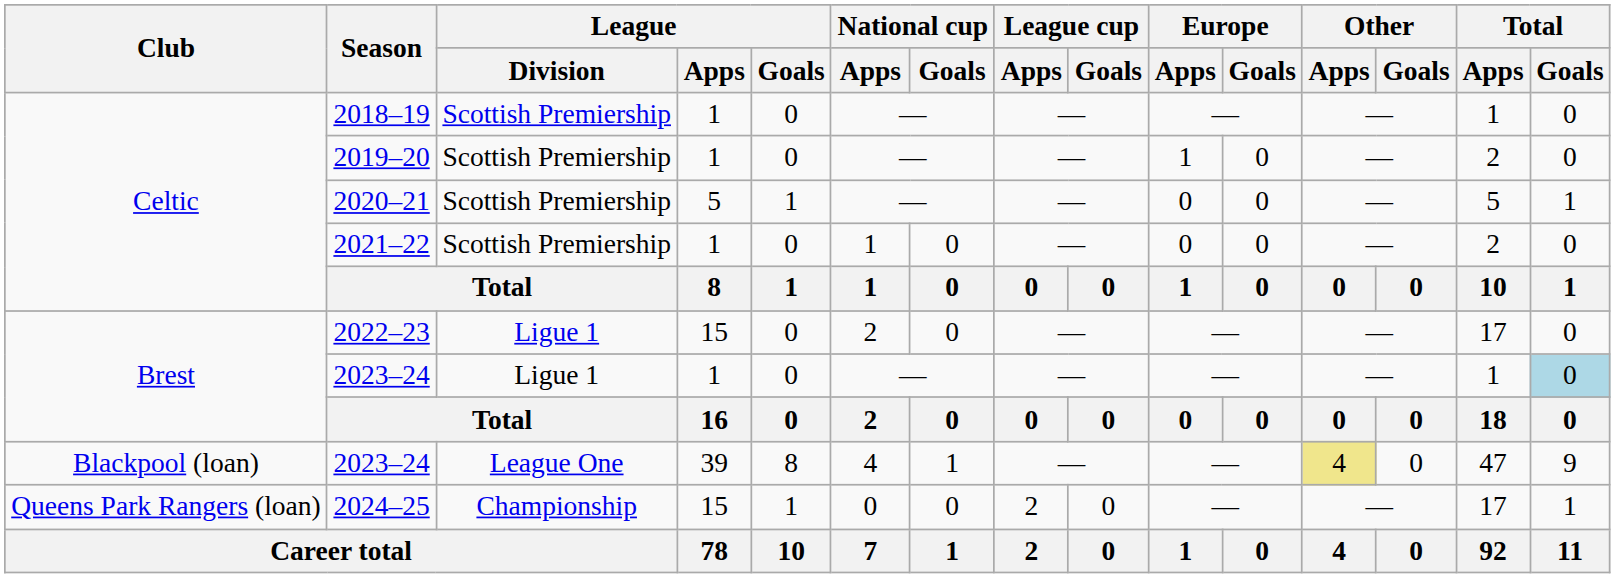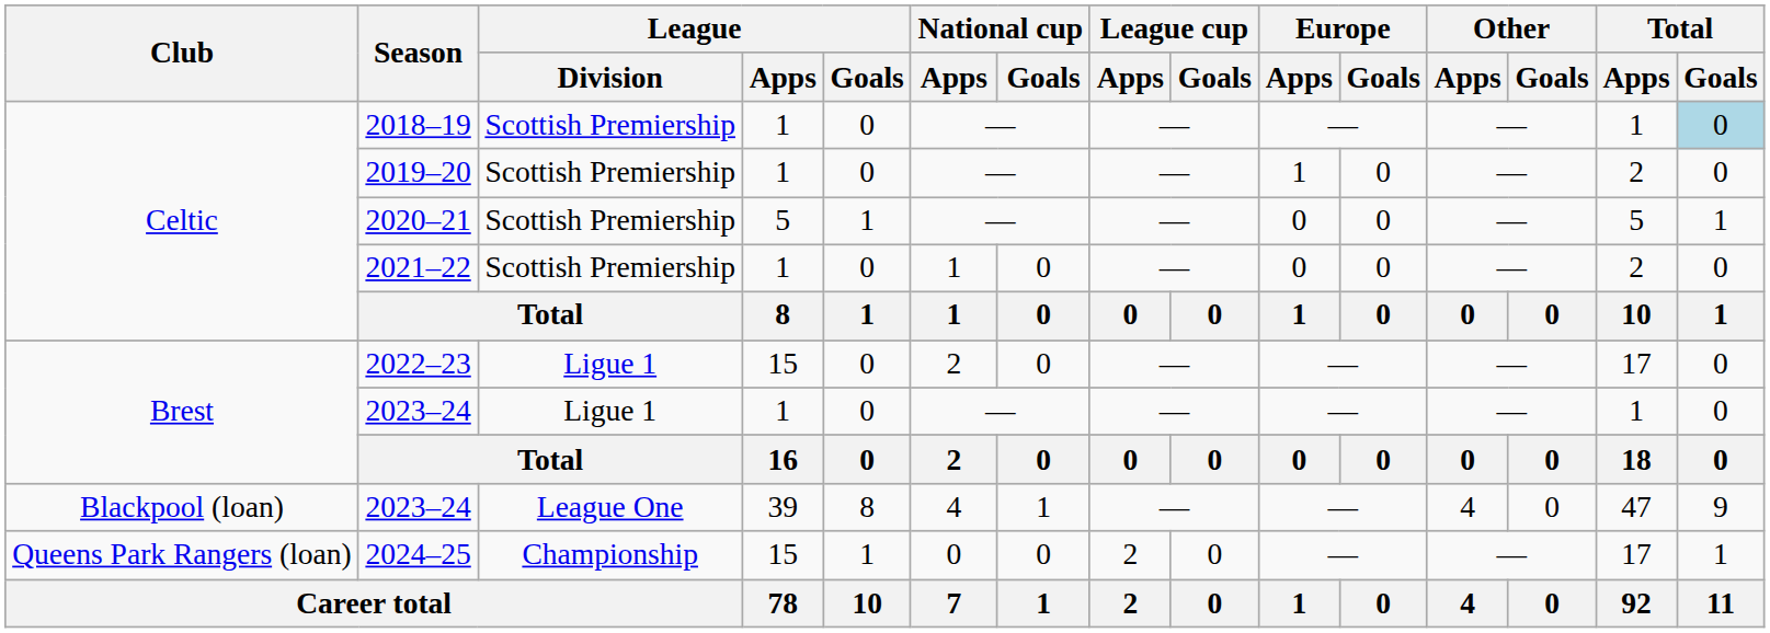 <table class="wikitable" style="text-align:center">
 <tr>
 <th rowspan="2">Club</th>
 <th rowspan="2">Season</th>
 <th colspan="3">League</th>
 <th colspan="2">National cup</th>
 <th colspan="2">League cup</th>
 <th colspan="2">Europe</th>
 <th colspan="2">Other</th>
 <th colspan="2">Total</th>
 </tr>
 <tr>
 <th>Division</th>
 <th>Apps</th>
 <th>Goals</th>
 <th>Apps</th>
 <th>Goals</th>
 <th>Apps</th>
 <th>Goals</th>
 <th>Apps</th>
 <th>Goals</th>
 <th>Apps</th>
 <th>Goals</th>
 <th>Apps</th>
 <th>Goals</th>
 </tr>
 <tr>
 <td rowspan="5"><a href='#'>Celtic</a></td>
 <td><a href='#'>2018–19</a></td>
 <td><a href='#'>Scottish Premiership</a></td>
 <td>1</td>
 <td>0</td>
 <td colspan="2">—</td>
 <td colspan="2">—</td>
 <td colspan="2">—</td>
 <td colspan="2">—</td>
 <td>1</td>
-<td>0</td>
+<td style="background: lightblue;">0</td>
 </tr>
 <tr>
 <td><a href='#'>2019–20</a></td>
 <td>Scottish Premiership</td>
 <td>1</td>
 <td>0</td>
 <td colspan="2">—</td>
 <td colspan="2">—</td>
 <td>1</td>
 <td>0</td>
 <td colspan="2">—</td>
 <td>2</td>
 <td>0</td>
 </tr>
 <tr>
 <td><a href='#'>2020–21</a></td>
 <td>Scottish Premiership</td>
 <td>5</td>
 <td>1</td>
 <td colspan="2">—</td>
 <td colspan="2">—</td>
 <td>0</td>
 <td>0</td>
 <td colspan="2">—</td>
 <td>5</td>
 <td>1</td>
 </tr>
 <tr>
 <td><a href='#'>2021–22</a></td>
 <td>Scottish Premiership</td>
 <td>1</td>
 <td>0</td>
 <td>1</td>
 <td>0</td>
 <td colspan="2">—</td>
 <td>0</td>
 <td>0</td>
 <td colspan="2">—</td>
 <td>2</td>
 <td>0</td>
 </tr>
 <tr>
 <th colspan="2">Total</th>
 <th>8</th>
 <th>1</th>
 <th>1</th>
 <th>0</th>
 <th>0</th>
 <th>0</th>
 <th>1</th>
 <th>0</th>
 <th>0</th>
 <th>0</th>
 <th>10</th>
 <th>1</th>
 </tr>
 <tr>
 <td rowspan="3"><a href='#'>Brest</a></td>
 <td><a href='#'>2022–23</a></td>
 <td><a href='#'>Ligue 1</a></td>
 <td>15</td>
 <td>0</td>
 <td>2</td>
 <td>0</td>
 <td colspan="2">—</td>
 <td colspan="2">—</td>
 <td colspan="2">—</td>
 <td>17</td>
 <td>0</td>
 </tr>
 <tr>
 <td><a href='#'>2023–24</a></td>
 <td>Ligue 1</td>
 <td>1</td>
 <td>0</td>
 <td colspan="2">—</td>
 <td colspan="2">—</td>
 <td colspan="2">—</td>
 <td colspan="2">—</td>
 <td>1</td>
-<td style="background: lightblue;">0</td>
+<td>0</td>
 </tr>
 <tr>
 <th colspan="2">Total</th>
 <th>16</th>
 <th>0</th>
 <th>2</th>
 <th>0</th>
 <th>0</th>
 <th>0</th>
 <th>0</th>
 <th>0</th>
 <th>0</th>
 <th>0</th>
 <th>18</th>
 <th>0</th>
 </tr>
 <tr>
 <td><a href='#'>Blackpool</a> (loan)</td>
 <td><a href='#'>2023–24</a></td>
 <td><a href='#'>League One</a></td>
 <td>39</td>
 <td>8</td>
 <td>4</td>
 <td>1</td>
 <td colspan="2">—</td>
 <td colspan="2">—</td>
-<td style="background: khaki;">4</td>
+<td>4</td>
 <td>0</td>
 <td>47</td>
 <td>9</td>
 </tr>
 <tr>
 <td><a href='#'>Queens Park Rangers</a> (loan)</td>
 <td><a href='#'>2024–25</a></td>
 <td><a href='#'>Championship</a></td>
 <td>15</td>
 <td>1</td>
 <td>0</td>
 <td>0</td>
 <td>2</td>
 <td>0</td>
 <td colspan="2">—</td>
 <td colspan="2">—</td>
 <td>17</td>
 <td>1</td>
 </tr>
 <tr>
 <th colspan="3">Career total</th>
 <th>78</th>
 <th>10</th>
 <th>7</th>
 <th>1</th>
 <th>2</th>
 <th>0</th>
 <th>1</th>
 <th>0</th>
 <th>4</th>
 <th>0</th>
 <th>92</th>
 <th>11</th>
 </tr>
 </table>
